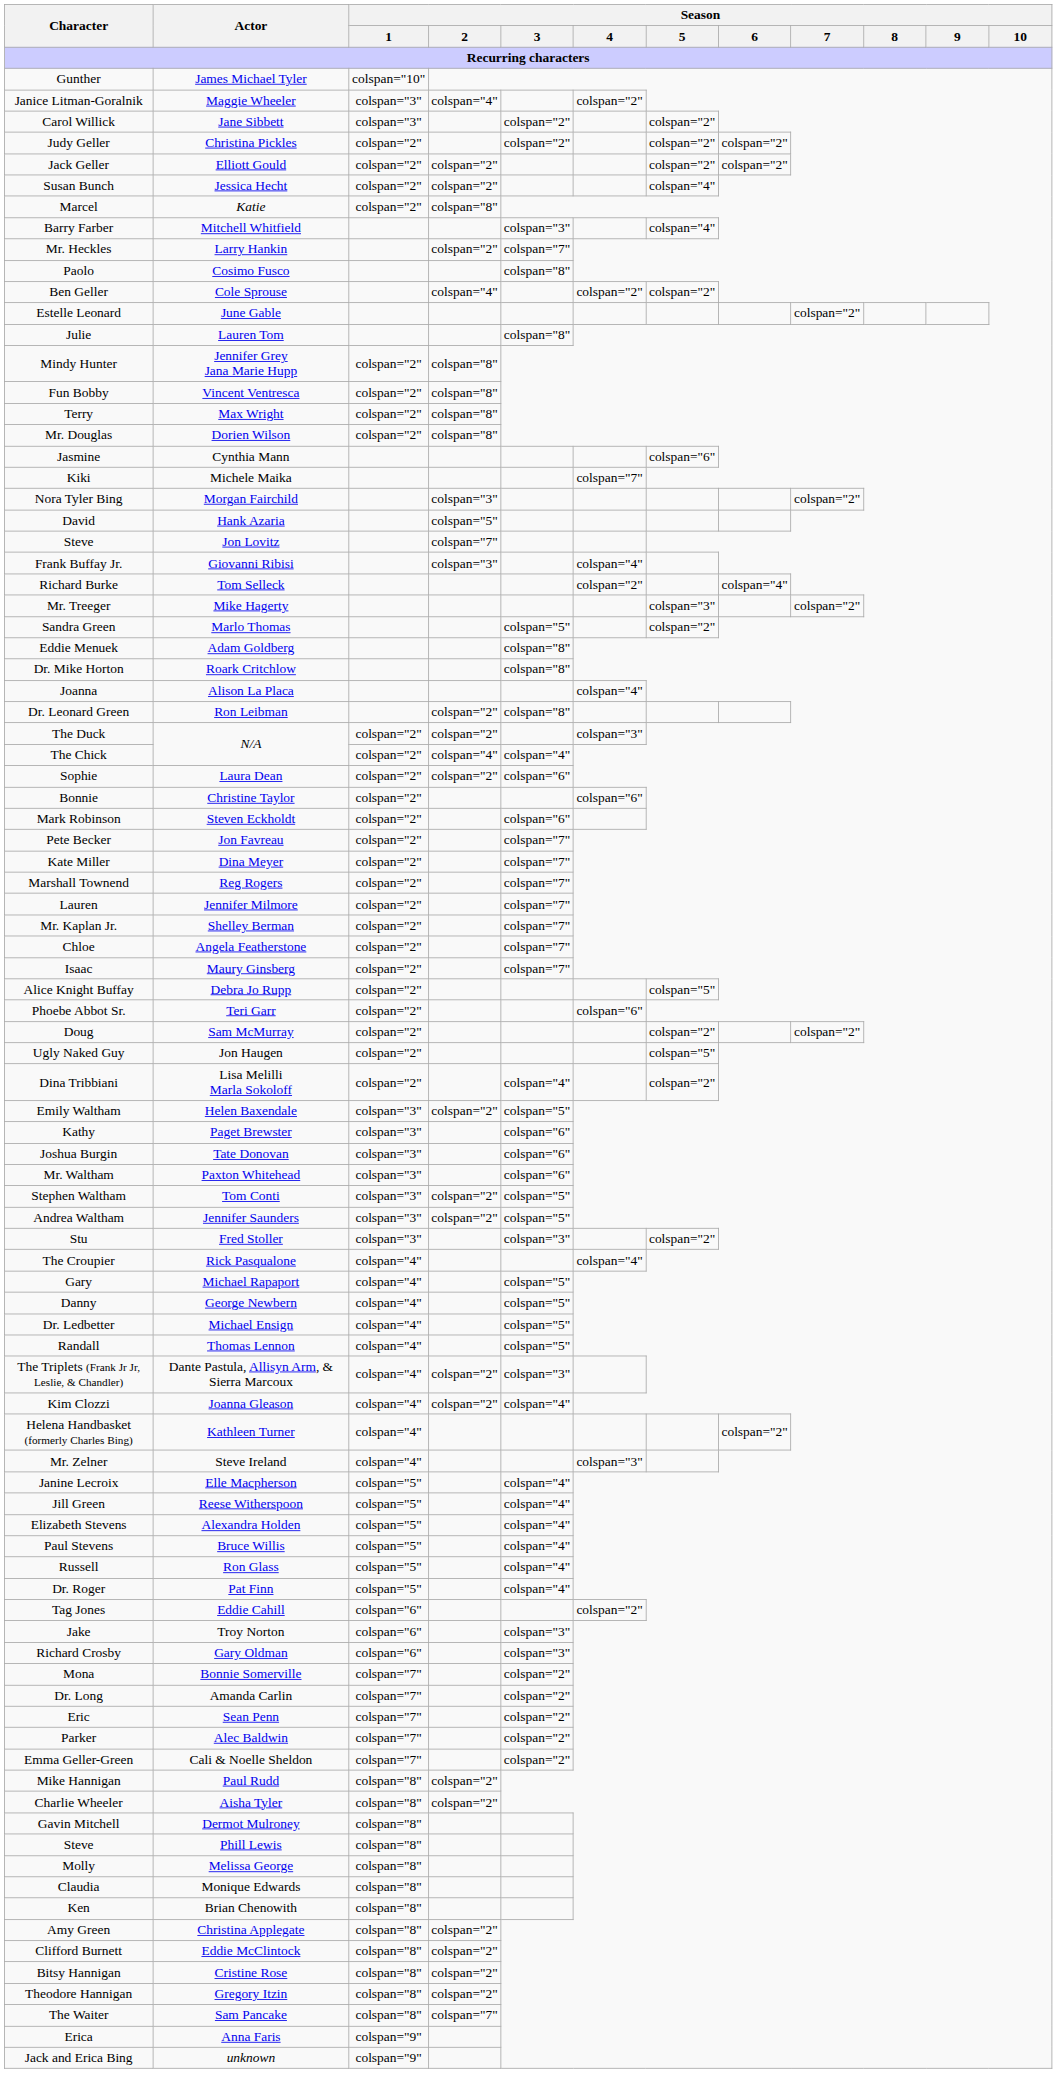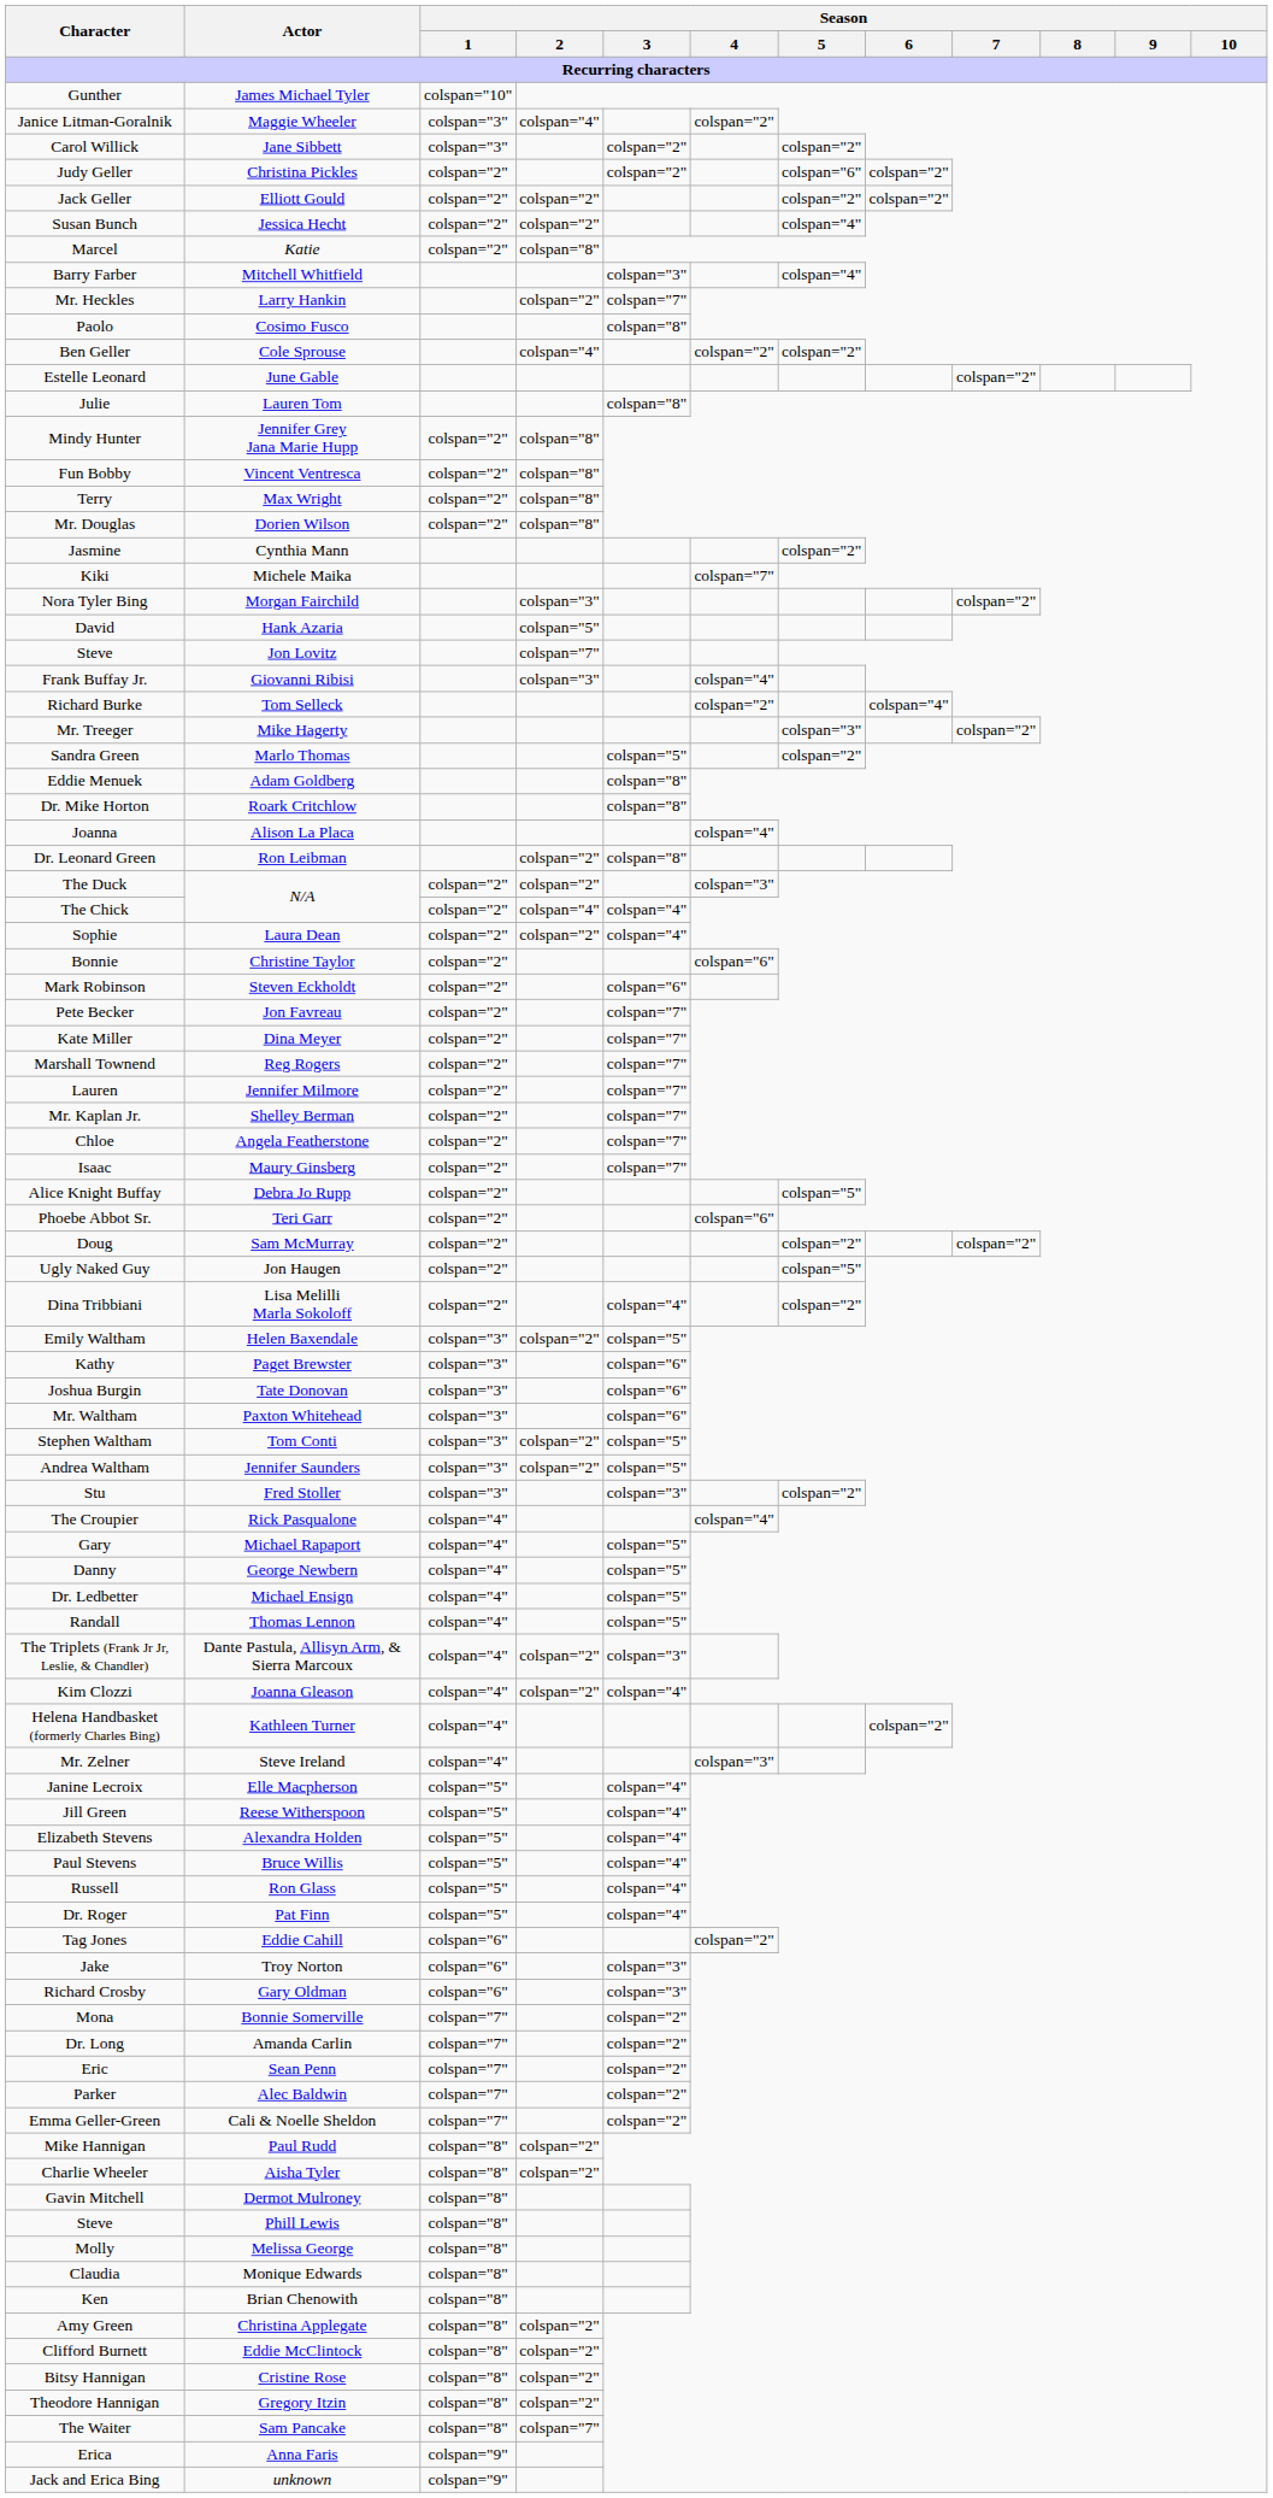 <table class="wikitable sortable plainrowheaders" style="text-align:center">
 <tr>
 <th rowspan="2" style="width:15%;" scope="col">Character</th>
 <th rowspan="2" style="width:20%;" scope="col">Actor</th>
 <th colspan="10">Season</th>
 </tr>
 <tr>
 <th style="width:6.5%;" scope="col">1</th>
 <th style="width:6.5%;" scope="col">2</th>
 <th style="width:6.5%;" scope="col">3</th>
 <th style="width:6.5%;" scope="col">4</th>
 <th style="width:6.5%;" scope="col">5</th>
 <th style="width:6.5%;" scope="col">6</th>
 <th style="width:6.5%;" scope="col">7</th>
 <th style="width:6.5%;" scope="col">8</th>
 <th style="width:6.5%;" scope="col">9</th>
 <th style="width:6.5%;" scope="col">10</th>
 </tr>
 <tr>
 <td scope="row" colspan="12" style="background-color:#ccccff; text-align:center"><strong>Recurring characters</strong></td>
 </tr>
 <tr>
 <td>Gunther</td>
 <td><a href='#'>James Michael Tyler</a></td>
 <td>colspan="10" </td>
 </tr>
 <tr>
 <td>Janice Litman-Goralnik</td>
 <td><a href='#'>Maggie Wheeler</a></td>
 <td>colspan="3" </td>
 <td>colspan="4" </td>
 <td></td>
 <td>colspan="2" </td>
 </tr>
 <tr>
 <td>Carol Willick</td>
 <td><a href='#'>Jane Sibbett</a></td>
 <td>colspan="3" </td>
 <td></td>
 <td>colspan="2" </td>
 <td></td>
 <td>colspan="2" </td>
 </tr>
 <tr>
 <td>Judy Geller</td>
 <td><a href='#'>Christina Pickles</a></td>
 <td>colspan="2" </td>
 <td></td>
 <td>colspan="2" </td>
 <td></td>
-<td>colspan="2" </td>
+<td>colspan="6" </td>
 <td>colspan="2" </td>
 </tr>
 <tr>
 <td>Jack Geller</td>
 <td><a href='#'>Elliott Gould</a></td>
 <td>colspan="2" </td>
 <td>colspan="2" </td>
 <td></td>
 <td></td>
 <td>colspan="2" </td>
 <td>colspan="2" </td>
 </tr>
 <tr>
 <td>Susan Bunch</td>
 <td><a href='#'>Jessica Hecht</a></td>
 <td>colspan="2" </td>
 <td>colspan="2" </td>
 <td></td>
 <td></td>
 <td>colspan="4" </td>
 </tr>
 <tr>
 <td>Marcel</td>
 <td><em>Katie</em></td>
 <td>colspan="2" </td>
 <td>colspan="8" </td>
 </tr>
 <tr>
 <td>Barry Farber</td>
 <td><a href='#'>Mitchell Whitfield</a></td>
 <td></td>
 <td></td>
 <td>colspan="3" </td>
 <td></td>
 <td>colspan="4" </td>
 </tr>
 <tr>
 <td>Mr. Heckles</td>
 <td><a href='#'>Larry Hankin</a></td>
 <td></td>
 <td>colspan="2" </td>
 <td>colspan="7" </td>
 </tr>
 <tr>
 <td>Paolo</td>
 <td><a href='#'>Cosimo Fusco</a></td>
 <td></td>
 <td></td>
 <td>colspan="8" </td>
 </tr>
 <tr>
 <td>Ben Geller</td>
 <td><a href='#'>Cole Sprouse</a></td>
 <td></td>
 <td>colspan="4" </td>
 <td></td>
 <td>colspan="2" </td>
 <td>colspan="2" </td>
 </tr>
 <tr>
 <td>Estelle Leonard</td>
 <td><a href='#'>June Gable</a></td>
 <td></td>
 <td></td>
 <td></td>
 <td></td>
 <td></td>
 <td></td>
 <td>colspan="2" </td>
 <td></td>
 <td></td>
 </tr>
 <tr>
 <td>Julie</td>
 <td><a href='#'>Lauren Tom</a></td>
 <td></td>
 <td></td>
 <td>colspan="8" </td>
 </tr>
 <tr>
 <td>Mindy Hunter</td>
 <td><a href='#'>Jennifer Grey</a><br><a href='#'>Jana Marie Hupp</a></td>
 <td>colspan="2" </td>
 <td>colspan="8" </td>
 </tr>
 <tr>
 <td>Fun Bobby</td>
 <td><a href='#'>Vincent Ventresca</a></td>
 <td>colspan="2" </td>
 <td>colspan="8" </td>
 </tr>
 <tr>
 <td>Terry</td>
 <td><a href='#'>Max Wright</a></td>
 <td>colspan="2" </td>
 <td>colspan="8" </td>
 </tr>
 <tr>
 <td>Mr. Douglas</td>
 <td><a href='#'>Dorien Wilson</a></td>
 <td>colspan="2" </td>
 <td>colspan="8" </td>
 </tr>
 <tr>
 <td>Jasmine</td>
 <td>Cynthia Mann</td>
 <td></td>
 <td></td>
 <td></td>
 <td></td>
-<td>colspan="6" </td>
+<td>colspan="2" </td>
 </tr>
 <tr>
 <td>Kiki</td>
 <td>Michele Maika</td>
 <td></td>
 <td></td>
 <td></td>
 <td>colspan="7" </td>
 </tr>
 <tr>
 <td>Nora Tyler Bing</td>
 <td><a href='#'>Morgan Fairchild</a></td>
 <td></td>
 <td>colspan="3" </td>
 <td></td>
 <td></td>
 <td></td>
 <td></td>
 <td>colspan="2" </td>
 </tr>
 <tr>
 <td>David</td>
 <td><a href='#'>Hank Azaria</a></td>
 <td></td>
 <td>colspan="5" </td>
 <td></td>
 <td></td>
 <td></td>
 <td></td>
 </tr>
 <tr>
 <td>Steve</td>
 <td><a href='#'>Jon Lovitz</a></td>
 <td></td>
 <td>colspan="7" </td>
 <td></td>
 <td></td>
 </tr>
 <tr>
 <td>Frank Buffay Jr.</td>
 <td><a href='#'>Giovanni Ribisi</a></td>
 <td></td>
 <td>colspan="3" </td>
 <td></td>
 <td>colspan="4" </td>
 <td></td>
 </tr>
 <tr>
 <td>Richard Burke</td>
 <td><a href='#'>Tom Selleck</a></td>
 <td></td>
 <td></td>
 <td></td>
 <td>colspan="2" </td>
 <td></td>
 <td>colspan="4" </td>
 </tr>
 <tr>
 <td>Mr. Treeger</td>
 <td><a href='#'>Mike Hagerty</a></td>
 <td></td>
 <td></td>
 <td></td>
 <td></td>
 <td>colspan="3" </td>
 <td></td>
 <td>colspan="2" </td>
 </tr>
 <tr>
 <td>Sandra Green</td>
 <td><a href='#'>Marlo Thomas</a></td>
 <td></td>
 <td></td>
 <td>colspan="5" </td>
 <td></td>
 <td>colspan="2" </td>
 </tr>
 <tr>
 <td>Eddie Menuek</td>
 <td><a href='#'>Adam Goldberg</a></td>
 <td></td>
 <td></td>
 <td>colspan="8" </td>
 </tr>
 <tr>
 <td>Dr. Mike Horton</td>
 <td><a href='#'>Roark Critchlow</a></td>
 <td></td>
 <td></td>
 <td>colspan="8" </td>
 </tr>
 <tr>
 <td>Joanna</td>
 <td><a href='#'>Alison La Placa</a></td>
 <td></td>
 <td></td>
 <td></td>
 <td>colspan="4" </td>
 </tr>
 <tr>
 <td>Dr. Leonard Green</td>
 <td><a href='#'>Ron Leibman</a></td>
 <td></td>
 <td>colspan="2" </td>
 <td>colspan="8" </td>
 <td></td>
 <td></td>
 <td></td>
 </tr>
 <tr>
 <td>The Duck</td>
 <td rowspan="2"><em>N/A</em></td>
 <td>colspan="2" </td>
 <td>colspan="2" </td>
 <td></td>
 <td>colspan="3" </td>
 </tr>
 <tr>
 <td>The Chick</td>
 <td>colspan="2" </td>
 <td>colspan="4" </td>
 <td>colspan="4" </td>
 </tr>
 <tr>
 <td>Sophie</td>
 <td><a href='#'>Laura Dean</a></td>
 <td>colspan="2" </td>
 <td>colspan="2" </td>
-<td>colspan="6" </td>
+<td>colspan="4" </td>
 </tr>
 <tr>
 <td>Bonnie</td>
 <td><a href='#'>Christine Taylor</a></td>
 <td>colspan="2" </td>
 <td></td>
 <td></td>
 <td>colspan="6" </td>
 </tr>
 <tr>
 <td>Mark Robinson</td>
 <td><a href='#'>Steven Eckholdt</a></td>
 <td>colspan="2" </td>
 <td></td>
 <td>colspan="6" </td>
 <td></td>
 </tr>
 <tr>
 <td>Pete Becker</td>
 <td><a href='#'>Jon Favreau</a></td>
 <td>colspan="2" </td>
 <td></td>
 <td>colspan="7" </td>
 </tr>
 <tr>
 <td>Kate Miller</td>
 <td><a href='#'>Dina Meyer</a></td>
 <td>colspan="2" </td>
 <td></td>
 <td>colspan="7" </td>
 </tr>
 <tr>
 <td>Marshall Townend</td>
 <td><a href='#'>Reg Rogers</a></td>
 <td>colspan="2" </td>
 <td></td>
 <td>colspan="7" </td>
 </tr>
 <tr>
 <td>Lauren</td>
 <td><a href='#'>Jennifer Milmore</a></td>
 <td>colspan="2" </td>
 <td></td>
 <td>colspan="7" </td>
 </tr>
 <tr>
 <td>Mr. Kaplan Jr.</td>
 <td><a href='#'>Shelley Berman</a></td>
 <td>colspan="2" </td>
 <td></td>
 <td>colspan="7" </td>
 </tr>
 <tr>
 <td>Chloe</td>
 <td><a href='#'>Angela Featherstone</a></td>
 <td>colspan="2" </td>
 <td></td>
 <td>colspan="7" </td>
 </tr>
 <tr>
 <td>Isaac</td>
 <td><a href='#'>Maury Ginsberg</a></td>
 <td>colspan="2" </td>
 <td></td>
 <td>colspan="7" </td>
 </tr>
 <tr>
 <td>Alice Knight Buffay</td>
 <td><a href='#'>Debra Jo Rupp</a></td>
 <td>colspan="2" </td>
 <td></td>
 <td></td>
 <td></td>
 <td>colspan="5" </td>
 </tr>
 <tr>
 <td>Phoebe Abbot Sr.</td>
 <td><a href='#'>Teri Garr</a></td>
 <td>colspan="2" </td>
 <td></td>
 <td></td>
 <td>colspan="6" </td>
 </tr>
 <tr>
 <td>Doug</td>
 <td><a href='#'>Sam McMurray</a></td>
 <td>colspan="2" </td>
 <td></td>
 <td></td>
 <td></td>
 <td>colspan="2" </td>
 <td></td>
 <td>colspan="2" </td>
 </tr>
 <tr>
 <td>Ugly Naked Guy</td>
 <td>Jon Haugen</td>
 <td>colspan="2" </td>
 <td></td>
 <td></td>
 <td></td>
 <td>colspan="5" </td>
 </tr>
 <tr>
 <td>Dina Tribbiani</td>
 <td>Lisa Melilli<br><a href='#'>Marla Sokoloff</a></td>
 <td>colspan="2" </td>
 <td></td>
 <td>colspan="4" </td>
 <td></td>
 <td>colspan="2" </td>
 </tr>
 <tr>
 <td>Emily Waltham</td>
 <td><a href='#'>Helen Baxendale</a></td>
 <td>colspan="3" </td>
 <td>colspan="2" </td>
 <td>colspan="5" </td>
 </tr>
 <tr>
 <td>Kathy</td>
 <td><a href='#'>Paget Brewster</a></td>
 <td>colspan="3" </td>
 <td></td>
 <td>colspan="6" </td>
 </tr>
 <tr>
 <td>Joshua Burgin</td>
 <td><a href='#'>Tate Donovan</a></td>
 <td>colspan="3" </td>
 <td></td>
 <td>colspan="6" </td>
 </tr>
 <tr>
 <td>Mr. Waltham</td>
 <td><a href='#'>Paxton Whitehead</a></td>
 <td>colspan="3" </td>
 <td></td>
 <td>colspan="6" </td>
 </tr>
 <tr>
 <td>Stephen Waltham</td>
 <td><a href='#'>Tom Conti</a></td>
 <td>colspan="3" </td>
 <td>colspan="2" </td>
 <td>colspan="5" </td>
 </tr>
 <tr>
 <td>Andrea Waltham</td>
 <td><a href='#'>Jennifer Saunders</a></td>
 <td>colspan="3" </td>
 <td>colspan="2" </td>
 <td>colspan="5" </td>
 </tr>
 <tr>
 <td>Stu</td>
 <td><a href='#'>Fred Stoller</a></td>
 <td>colspan="3" </td>
 <td></td>
 <td>colspan="3" </td>
 <td></td>
 <td>colspan="2" </td>
 </tr>
 <tr>
 <td>The Croupier</td>
 <td><a href='#'>Rick Pasqualone</a></td>
 <td>colspan="4" </td>
 <td></td>
 <td></td>
 <td>colspan="4" </td>
 </tr>
 <tr>
 <td>Gary</td>
 <td><a href='#'>Michael Rapaport</a></td>
 <td>colspan="4" </td>
 <td></td>
 <td>colspan="5" </td>
 </tr>
 <tr>
 <td>Danny</td>
 <td><a href='#'>George Newbern</a></td>
 <td>colspan="4" </td>
 <td></td>
 <td>colspan="5" </td>
 </tr>
 <tr>
 <td>Dr. Ledbetter</td>
 <td><a href='#'>Michael Ensign</a></td>
 <td>colspan="4" </td>
 <td></td>
 <td>colspan="5" </td>
 </tr>
 <tr>
 <td>Randall</td>
 <td><a href='#'>Thomas Lennon</a></td>
 <td>colspan="4" </td>
 <td></td>
 <td>colspan="5" </td>
 </tr>
 <tr>
 <td>The Triplets <small>(Frank Jr Jr,<br> Leslie, & Chandler)</small></td>
 <td>Dante Pastula, <a href='#'>Allisyn Arm</a>, & Sierra Marcoux</td>
 <td>colspan="4" </td>
 <td>colspan="2" </td>
 <td>colspan="3" </td>
 <td></td>
 </tr>
 <tr>
 <td>Kim Clozzi</td>
 <td><a href='#'>Joanna Gleason</a></td>
 <td>colspan="4" </td>
 <td>colspan="2" </td>
 <td>colspan="4" </td>
 </tr>
 <tr>
 <td>Helena Handbasket<br><small>(formerly Charles Bing)</small></td>
 <td><a href='#'>Kathleen Turner</a></td>
 <td>colspan="4" </td>
 <td></td>
 <td></td>
 <td></td>
 <td></td>
 <td>colspan="2" </td>
 </tr>
 <tr>
 <td>Mr. Zelner</td>
 <td>Steve Ireland</td>
 <td>colspan="4" </td>
 <td></td>
 <td></td>
 <td>colspan="3" </td>
 <td></td>
 </tr>
 <tr>
 <td>Janine Lecroix</td>
 <td><a href='#'>Elle Macpherson</a></td>
 <td>colspan="5" </td>
 <td></td>
 <td>colspan="4" </td>
 </tr>
 <tr>
 <td>Jill Green</td>
 <td><a href='#'>Reese Witherspoon</a></td>
 <td>colspan="5" </td>
 <td></td>
 <td>colspan="4" </td>
 </tr>
 <tr>
 <td>Elizabeth Stevens</td>
 <td><a href='#'>Alexandra Holden</a></td>
 <td>colspan="5" </td>
 <td></td>
 <td>colspan="4" </td>
 </tr>
 <tr>
 <td>Paul Stevens</td>
 <td><a href='#'>Bruce Willis</a></td>
 <td>colspan="5" </td>
 <td></td>
 <td>colspan="4" </td>
 </tr>
 <tr>
 <td>Russell</td>
 <td><a href='#'>Ron Glass</a></td>
 <td>colspan="5" </td>
 <td></td>
 <td>colspan="4" </td>
 </tr>
 <tr>
 <td>Dr. Roger</td>
 <td><a href='#'>Pat Finn</a></td>
 <td>colspan="5" </td>
 <td></td>
 <td>colspan="4" </td>
 </tr>
 <tr>
 <td>Tag Jones</td>
 <td><a href='#'>Eddie Cahill</a></td>
 <td>colspan="6" </td>
 <td></td>
 <td></td>
 <td>colspan="2" </td>
 </tr>
 <tr>
 <td>Jake</td>
 <td>Troy Norton</td>
 <td>colspan="6" </td>
 <td></td>
 <td>colspan="3" </td>
 </tr>
 <tr>
 <td>Richard Crosby</td>
 <td><a href='#'>Gary Oldman</a></td>
 <td>colspan="6" </td>
 <td></td>
 <td>colspan="3" </td>
 </tr>
 <tr>
 <td>Mona</td>
 <td><a href='#'>Bonnie Somerville</a></td>
 <td>colspan="7" </td>
 <td></td>
 <td>colspan="2" </td>
 </tr>
 <tr>
 <td>Dr. Long</td>
 <td>Amanda Carlin</td>
 <td>colspan="7" </td>
 <td></td>
 <td>colspan="2" </td>
 </tr>
 <tr>
 <td>Eric</td>
 <td><a href='#'>Sean Penn</a></td>
 <td>colspan="7" </td>
 <td></td>
 <td>colspan="2" </td>
 </tr>
 <tr>
 <td>Parker</td>
 <td><a href='#'>Alec Baldwin</a></td>
 <td>colspan="7" </td>
 <td></td>
 <td>colspan="2" </td>
 </tr>
 <tr>
 <td>Emma Geller-Green</td>
 <td>Cali & Noelle Sheldon</td>
 <td>colspan="7" </td>
 <td></td>
 <td>colspan="2" </td>
 </tr>
 <tr>
 <td>Mike Hannigan</td>
 <td><a href='#'>Paul Rudd</a></td>
 <td>colspan="8" </td>
 <td>colspan="2" </td>
 </tr>
 <tr>
 <td>Charlie Wheeler</td>
 <td><a href='#'>Aisha Tyler</a></td>
 <td>colspan="8" </td>
 <td>colspan="2" </td>
 </tr>
 <tr>
 <td>Gavin Mitchell</td>
 <td><a href='#'>Dermot Mulroney</a></td>
 <td>colspan="8" </td>
 <td></td>
 <td></td>
 </tr>
 <tr>
 <td>Steve</td>
 <td><a href='#'>Phill Lewis</a></td>
 <td>colspan="8" </td>
 <td></td>
 <td></td>
 </tr>
 <tr>
 <td>Molly</td>
 <td><a href='#'>Melissa George</a></td>
 <td>colspan="8" </td>
 <td></td>
 <td></td>
 </tr>
 <tr>
 <td>Claudia</td>
 <td>Monique Edwards</td>
 <td>colspan="8" </td>
 <td></td>
 <td></td>
 </tr>
 <tr>
 <td>Ken</td>
 <td>Brian Chenowith</td>
 <td>colspan="8" </td>
 <td></td>
 <td></td>
 </tr>
 <tr>
 <td>Amy Green</td>
 <td><a href='#'>Christina Applegate</a></td>
 <td>colspan="8" </td>
 <td>colspan="2" </td>
 </tr>
 <tr>
 <td>Clifford Burnett</td>
 <td><a href='#'>Eddie McClintock</a></td>
 <td>colspan="8" </td>
 <td>colspan="2" </td>
 </tr>
 <tr>
 <td>Bitsy Hannigan</td>
 <td><a href='#'>Cristine Rose</a></td>
 <td>colspan="8" </td>
 <td>colspan="2" </td>
 </tr>
 <tr>
 <td>Theodore Hannigan</td>
 <td><a href='#'>Gregory Itzin</a></td>
 <td>colspan="8" </td>
 <td>colspan="2" </td>
 </tr>
 <tr>
 <td>The Waiter</td>
 <td><a href='#'>Sam Pancake</a></td>
 <td>colspan="8" </td>
 <td>colspan="7" </td>
 </tr>
 <tr>
 <td>Erica</td>
 <td><a href='#'>Anna Faris</a></td>
 <td>colspan="9" </td>
 <td></td>
 </tr>
 <tr>
 <td>Jack and Erica Bing</td>
 <td><em>unknown</em></td>
 <td>colspan="9" </td>
 <td></td>
 </tr>
 </table>
